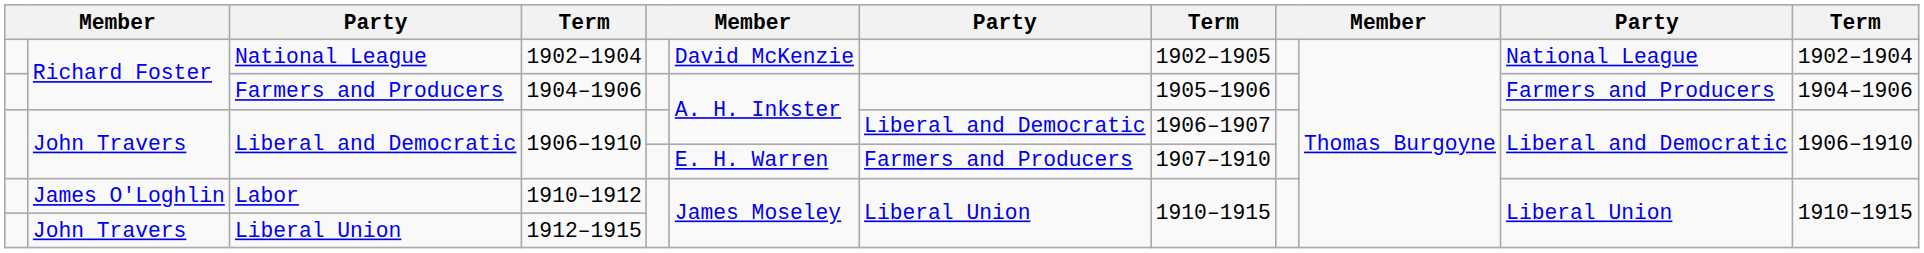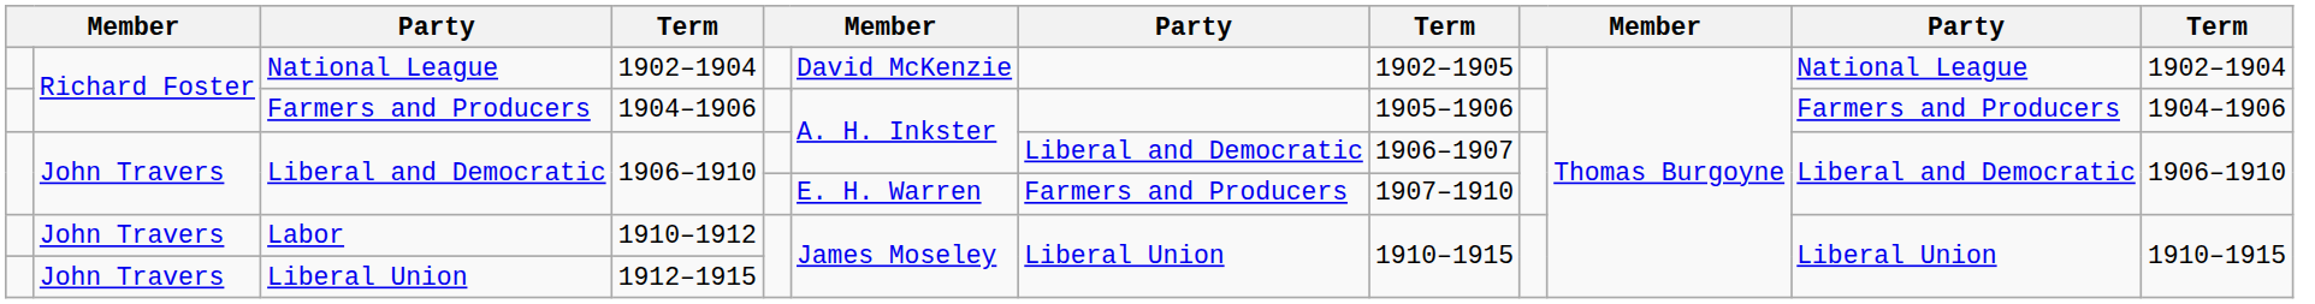 <table class="wikitable">
 <tr>
 <th colspan="2">Member</th>
 <th>Party</th>
 <th>Term</th>
 <th colspan="2">Member</th>
 <th>Party</th>
 <th>Term</th>
 <th colspan="2">Member</th>
 <th>Party</th>
 <th>Term</th>
 </tr>
 <tr>
 <td> </td>
 <td rowspan="3"><a href='#'>Richard Foster</a></td>
 <td><a href='#'>National League</a></td>
 <td>1902–1904</td>
 <td rowspan=2 > </td>
 <td rowspan=2><a href='#'>David McKenzie</a></td>
 <td rowspan=2></td>
 <td rowspan=2>1902–1905</td>
 <td> </td>
 <td rowspan="7"><a href='#'>Thomas Burgoyne</a></td>
 <td><a href='#'>National League</a></td>
 <td>1902–1904</td>
 </tr>
 <tr>
 <td rowspan=2 > </td>
 <td rowspan=2><a href='#'>Farmers and Producers</a></td>
 <td rowspan=2>1904–1906</td>
 <td rowspan=2 > </td>
 <td rowspan=2><a href='#'>Farmers and Producers</a></td>
 <td rowspan=2>1904–1906</td>
 </tr>
 <tr>
 <td> </td>
 <td rowspan="2"><a href='#'>A. H. Inkster</a></td>
 <td></td>
 <td>1905–1906</td>
 </tr>
 <tr>
 <td rowspan="2" > </td>
 <td rowspan="2"><a href='#'>John Travers</a></td>
 <td rowspan="2"><a href='#'>Liberal and Democratic</a></td>
 <td rowspan="2">1906–1910</td>
 <td> </td>
 <td><a href='#'>Liberal and Democratic</a></td>
 <td>1906–1907</td>
 <td rowspan=2 > </td>
 <td rowspan=2><a href='#'>Liberal and Democratic</a></td>
 <td rowspan=2>1906–1910</td>
 </tr>
 <tr>
 <td> </td>
 <td><a href='#'>E. H. Warren</a></td>
 <td><a href='#'>Farmers and Producers</a></td>
 <td>1907–1910</td>
 </tr>
 <tr>
 <td> </td>
-<td><a href='#'>James O'Loghlin</a></td>
+<td><a href='#'>John Travers</a></td>
 <td><a href='#'>Labor</a></td>
 <td>1910–1912</td>
 <td rowspan="2" > </td>
 <td rowspan="2"><a href='#'>James Moseley</a></td>
 <td rowspan="2"><a href='#'>Liberal Union</a></td>
 <td rowspan="2">1910–1915</td>
 <td rowspan="2" > </td>
 <td rowspan="2"><a href='#'>Liberal Union</a></td>
 <td rowspan="2">1910–1915</td>
 </tr>
 <tr>
 <td> </td>
 <td><a href='#'>John Travers</a></td>
 <td><a href='#'>Liberal Union</a></td>
 <td>1912–1915</td>
 </tr>
 </table>
